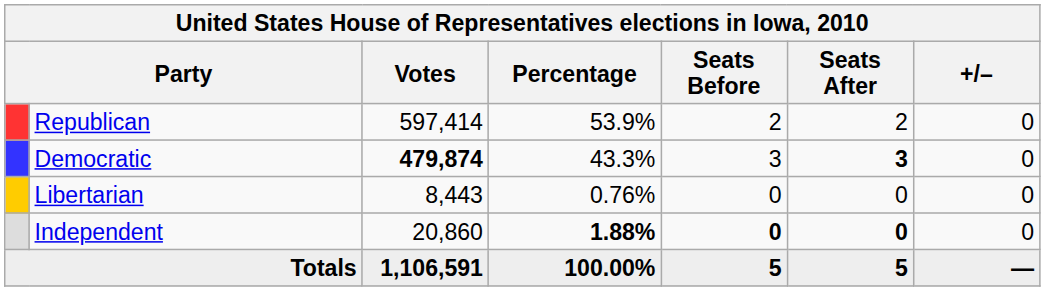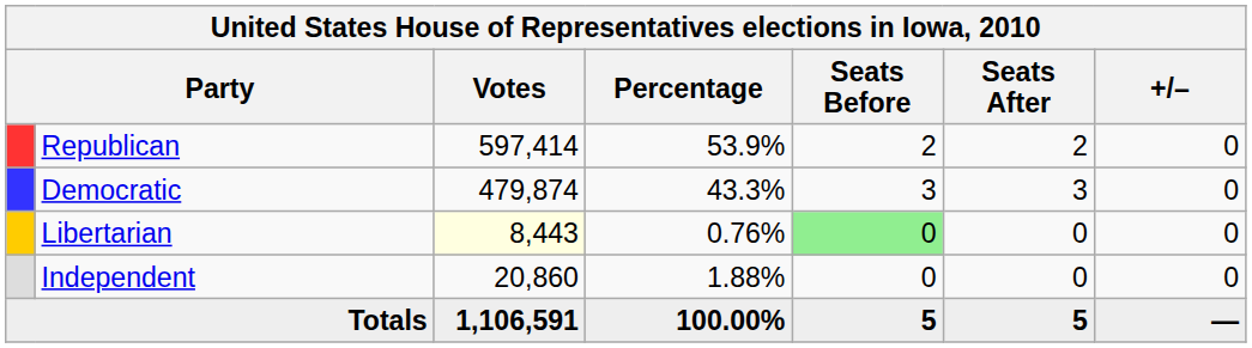 <table class="wikitable" style="font-size: 95%;">
 <tr>
 <th colspan="7">United States House of Representatives elections in Iowa, 2010</th>
 </tr>
 <tr>
 <th colspan=2 style="width: 15em">Party</th>
 <th style="width: 5em">Votes</th>
 <th style="width: 7em">Percentage</th>
 <th style="width: 5em">Seats Before</th>
 <th style="width: 5em">Seats After</th>
 <th style="width: 5em">+/–</th>
 </tr>
 <tr>
 <th style="background-color:#FF3333; width: 3px"></th>
 <td style="width: 130px"><a href='#'>Republican</a></td>
 <td align="right">597,414</td>
 <td align="right">53.9%</td>
 <td align="right">2</td>
 <td align="right">2</td>
 <td align="right">0</td>
 </tr>
 <tr>
 <th style="background-color:#3333FF; width: 3px"></th>
 <td style="width: 130px"><a href='#'>Democratic</a></td>
-<td align="right"><strong>479,874</strong></td>
+<td align="right">479,874</td>
 <td align="right">43.3%</td>
 <td align="right">3</td>
-<td align="right"><strong>3</strong></td>
+<td align="right">3</td>
 <td align="right">0</td>
 </tr>
 <tr>
 <th style="background-color:#FFCC00; width: 3px"></th>
 <td style="width: 130px"><a href='#'>Libertarian</a></td>
-<td align="right">8,443</td>
+<td align="right" style="background: lightyellow;">8,443</td>
 <td align="right">0.76%</td>
-<td align="right">0</td>
+<td align="right" style="background: lightgreen;">0</td>
 <td align="right">0</td>
 <td align="right">0</td>
 </tr>
 <tr>
 <th style="background-color:#DDDDDD; width: 3px"></th>
 <td style="width: 130px"><a href='#'>Independent</a></td>
 <td align="right">20,860</td>
-<td align="right"><strong>1.88%</strong></td>
-<td align="right"><strong>0</strong></td>
-<td align="right"><strong>0</strong></td>
+<td align="right">1.88%</td>
+<td align="right">0</td>
+<td align="right">0</td>
 <td align="right">0</td>
 </tr>
 <tr bgcolor="#EEEEEE">
 <td colspan="2" align="right"><strong>Totals</strong></td>
 <td align="right"><strong>1,106,591</strong></td>
 <td align="right"><strong>100.00%</strong></td>
 <td align="right"><strong>5</strong></td>
 <td align="right"><strong>5</strong></td>
 <td align="right"><strong>—</strong></td>
 </tr>
 </table>
